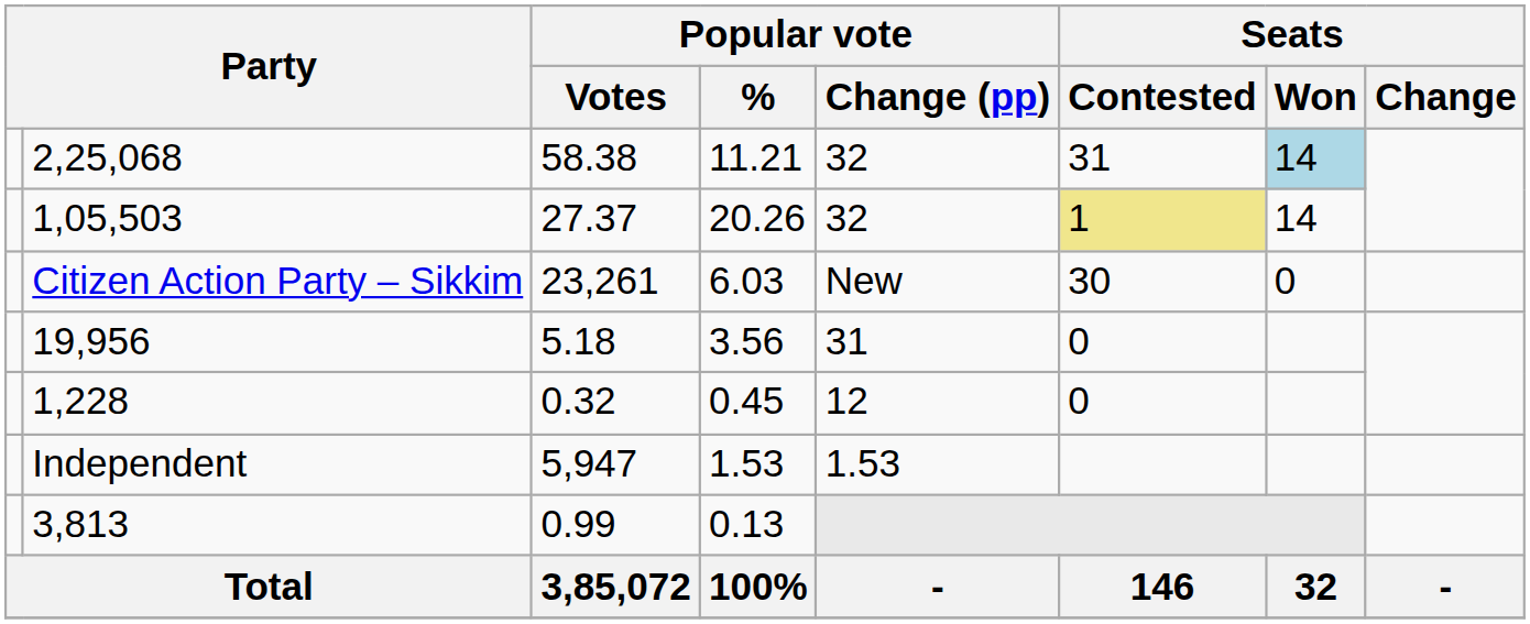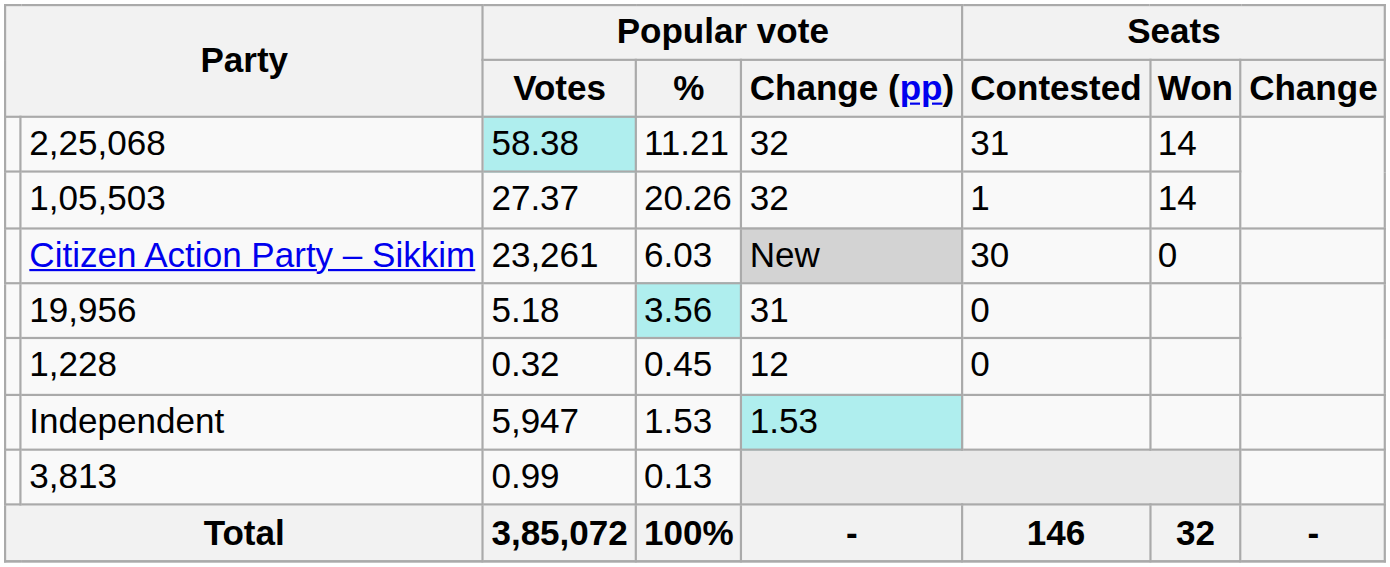 <table class="wikitable defaultcenter col1left" style="font-size: 100%">
 <tr>
 <th colspan="2" rowspan="2">Party</th>
 <th colspan="3">Popular vote</th>
 <th colspan="3">Seats</th>
 </tr>
 <tr>
 <th>Votes</th>
 <th>%</th>
 <th>Change (<a href='#'>pp</a>)</th>
 <th>Contested</th>
 <th>Won</th>
 <th>Change</th>
 </tr>
 <tr>
 <td></td>
 <td>2,25,068</td>
-<td>58.38</td>
+<td style="background: paleturquoise;">58.38</td>
 <td> 11.21</td>
 <td>32</td>
 <td>31</td>
-<td style="background: lightblue;"> 14</td>
+<td> 14</td>
 </tr>
 <tr>
 <td></td>
 <td>1,05,503</td>
 <td>27.37</td>
 <td> 20.26</td>
 <td>32</td>
-<td style="background: khaki;">1</td>
+<td>1</td>
 <td> 14</td>
 </tr>
 <tr>
 <td></td>
 <td align="left"><a href='#'>Citizen Action Party – Sikkim</a></td>
 <td>23,261</td>
 <td>6.03</td>
-<td>New</td>
+<td style="background: lightgrey;">New</td>
 <td>30</td>
 <td>0</td>
 <td></td>
 </tr>
 <tr>
 <td></td>
 <td>19,956</td>
 <td>5.18</td>
-<td> 3.56</td>
+<td style="background: paleturquoise;"> 3.56</td>
 <td>31</td>
 <td>0</td>
 <td></td>
 </tr>
 <tr>
 <td></td>
 <td>1,228</td>
 <td>0.32</td>
 <td> 0.45</td>
 <td>12</td>
 <td>0</td>
 <td></td>
 </tr>
 <tr>
 <td></td>
 <td>Independent</td>
 <td>5,947</td>
 <td>1.53</td>
-<td>1.53</td>
+<td style="background: paleturquoise;">1.53</td>
 <td></td>
 <td></td>
 <td></td>
 </tr>
 <tr>
 <td></td>
 <td>3,813</td>
 <td>0.99</td>
 <td> 0.13</td>
 <th colspan="3" style="background-color:#E9E9E9"></th>
 </tr>
 <tr>
 <th colspan="2">Total</th>
 <th>3,85,072</th>
 <th>100%</th>
 <th>-</th>
 <th>146</th>
 <th>32</th>
 <th>-</th>
 </tr>
 <tr>
 </tr>
 </table>
